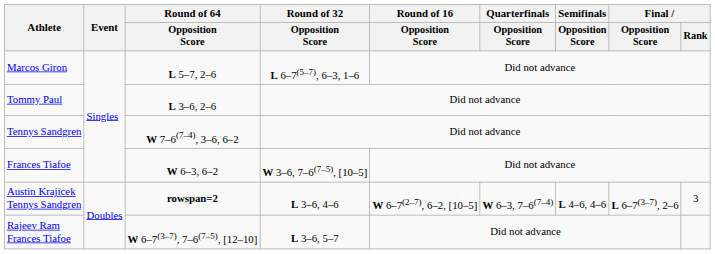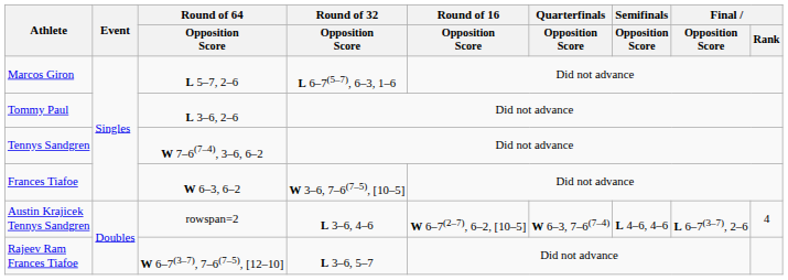 <table class=wikitable style=font-size:90%;text-align:center>
 <tr>
 <th rowspan=2>Athlete</th>
 <th rowspan=2>Event</th>
 <th>Round of 64</th>
 <th>Round of 32</th>
 <th>Round of 16</th>
 <th>Quarterfinals</th>
 <th>Semifinals</th>
 <th colspan=2>Final / </th>
 </tr>
 <tr style=font-size:95%>
 <th>Opposition<br>Score</th>
 <th>Opposition<br>Score</th>
 <th>Opposition<br>Score</th>
 <th>Opposition<br>Score</th>
 <th>Opposition<br>Score</th>
 <th>Opposition<br>Score</th>
 <th>Rank</th>
 </tr>
 <tr>
 <td align=left><a href='#'>Marcos Giron</a></td>
 <td align=left rowspan=4><a href='#'>Singles</a></td>
 <td><br><strong>L</strong> 5–7, 2–6</td>
 <td><br><strong>L</strong> 6–7<sup>(5–7)</sup>, 6–3, 1–6</td>
 <td colspan=5>Did not advance</td>
 </tr>
 <tr>
 <td align=left><a href='#'>Tommy Paul</a></td>
 <td><br><strong>L</strong> 3–6, 2–6</td>
 <td colspan=6>Did not advance</td>
 </tr>
 <tr>
 <td align=left><a href='#'>Tennys Sandgren</a></td>
 <td><br><strong>W</strong> 7–6<sup>(7–4)</sup>, 3–6, 6–2</td>
 <td colspan=6>Did not advance</td>
 </tr>
 <tr>
 <td align=left><a href='#'>Frances Tiafoe</a></td>
 <td><br><strong>W</strong> 6–3, 6–2</td>
 <td><br><strong>W</strong> 3–6, 7–6<sup>(7–5)</sup>, [10–5]</td>
 <td colspan=5>Did not advance</td>
 </tr>
 <tr>
 <td align=left><a href='#'>Austin Krajicek</a><br><a href='#'>Tennys Sandgren</a></td>
 <td align=left rowspan=2><a href='#'>Doubles</a></td>
-<td><strong>rowspan=2 </strong></td>
+<td>rowspan=2 </td>
 <td><br><strong>L</strong> 3–6, 4–6</td>
 <td><br><strong>W</strong> 6–7<sup>(2–7)</sup>, 6–2, [10–5]</td>
 <td><br><strong>W</strong> 6–3, 7–6<sup>(7–4)</sup></td>
 <td><br><strong>L</strong> 4–6, 4–6</td>
 <td><br><strong>L</strong> 6–7<sup>(3–7)</sup>, 2–6</td>
-<td>3</td>
+<td>4</td>
 </tr>
 <tr>
 <td align=left><a href='#'>Rajeev Ram</a><br><a href='#'>Frances Tiafoe</a></td>
 <td><br><strong>W</strong> 6–7<sup>(3–7)</sup>, 7–6<sup>(7–5)</sup>, [12–10]</td>
 <td><br><strong>L</strong> 3–6, 5–7</td>
 <td colspan=4>Did not advance</td>
 </tr>
 </table>
